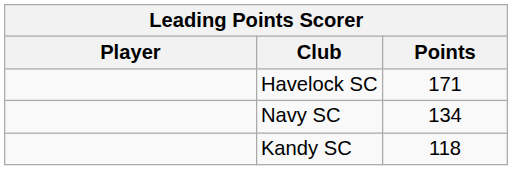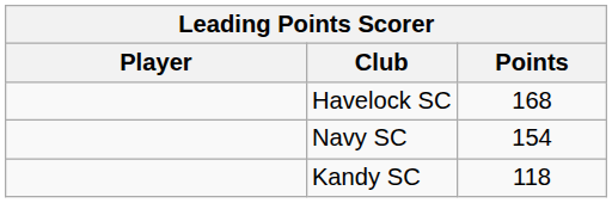 <table class="wikitable sortable">
 <tr>
 <th colspan=3>Leading Points Scorer</th>
 </tr>
 <tr>
 <th style="width:50%">Player</th>
 <th style="width:25%">Club</th>
 <th style="width:25%">Points</th>
 </tr>
 <tr>
 <td></td>
 <td>Havelock SC</td>
-<td align="center">171</td>
+<td align="center">168</td>
 </tr>
 <tr>
 <td></td>
 <td>Navy SC</td>
-<td align="center">134</td>
+<td align="center">154</td>
 </tr>
 <tr>
 <td></td>
 <td>Kandy SC</td>
 <td align="center">118</td>
 </tr>
 </table>
